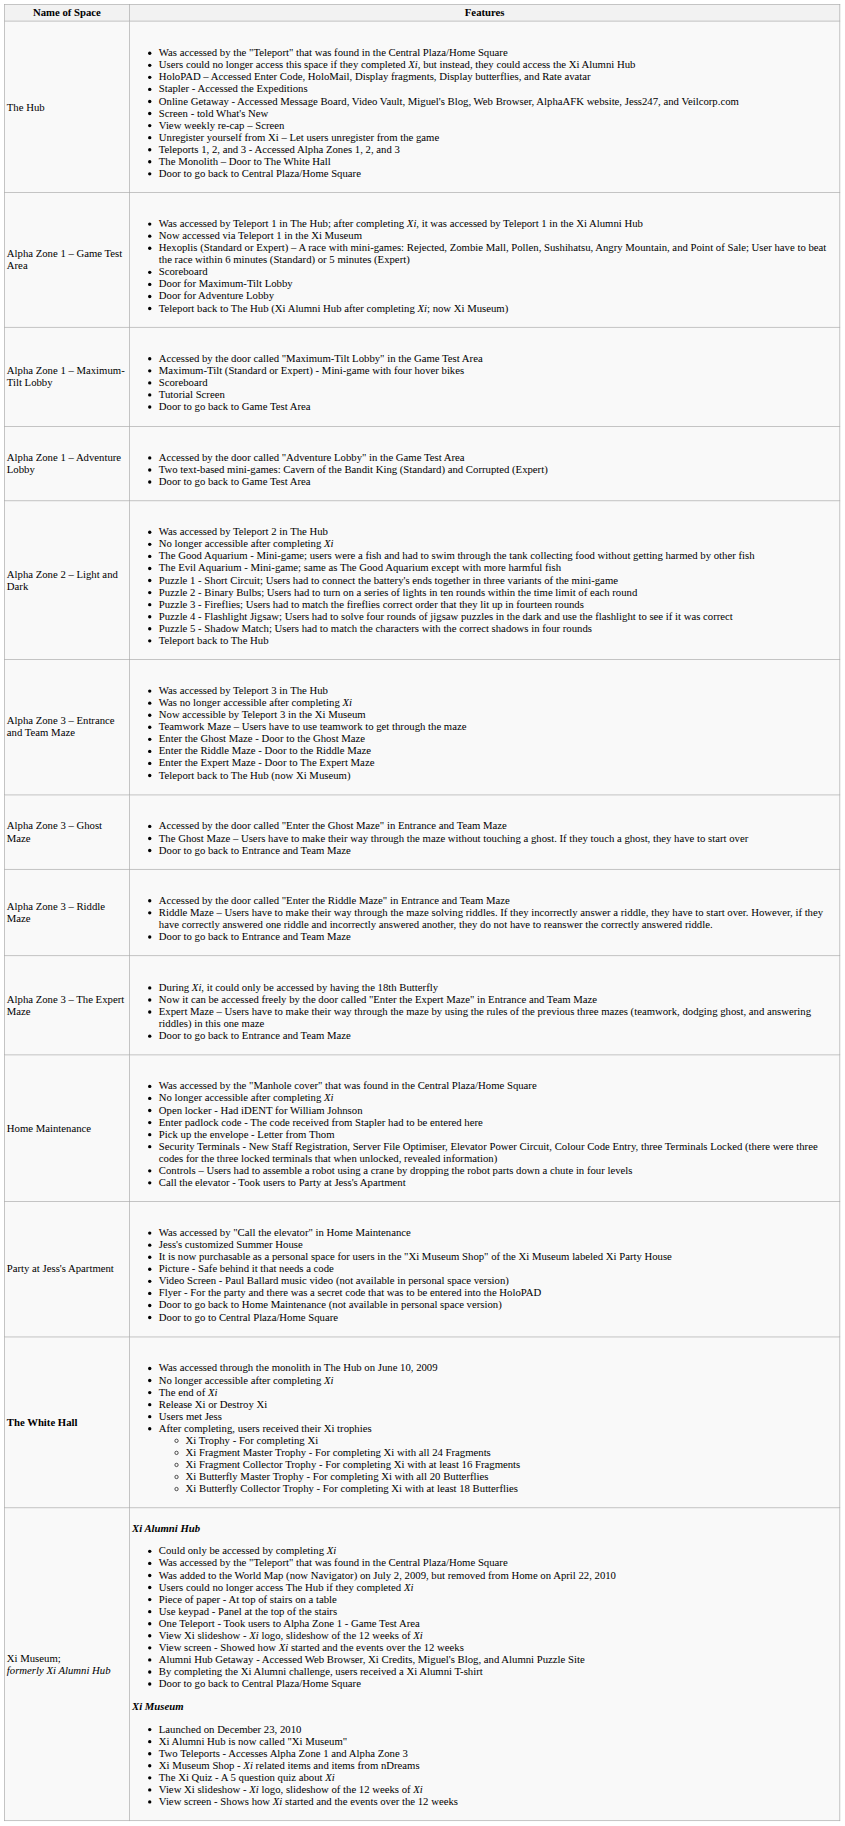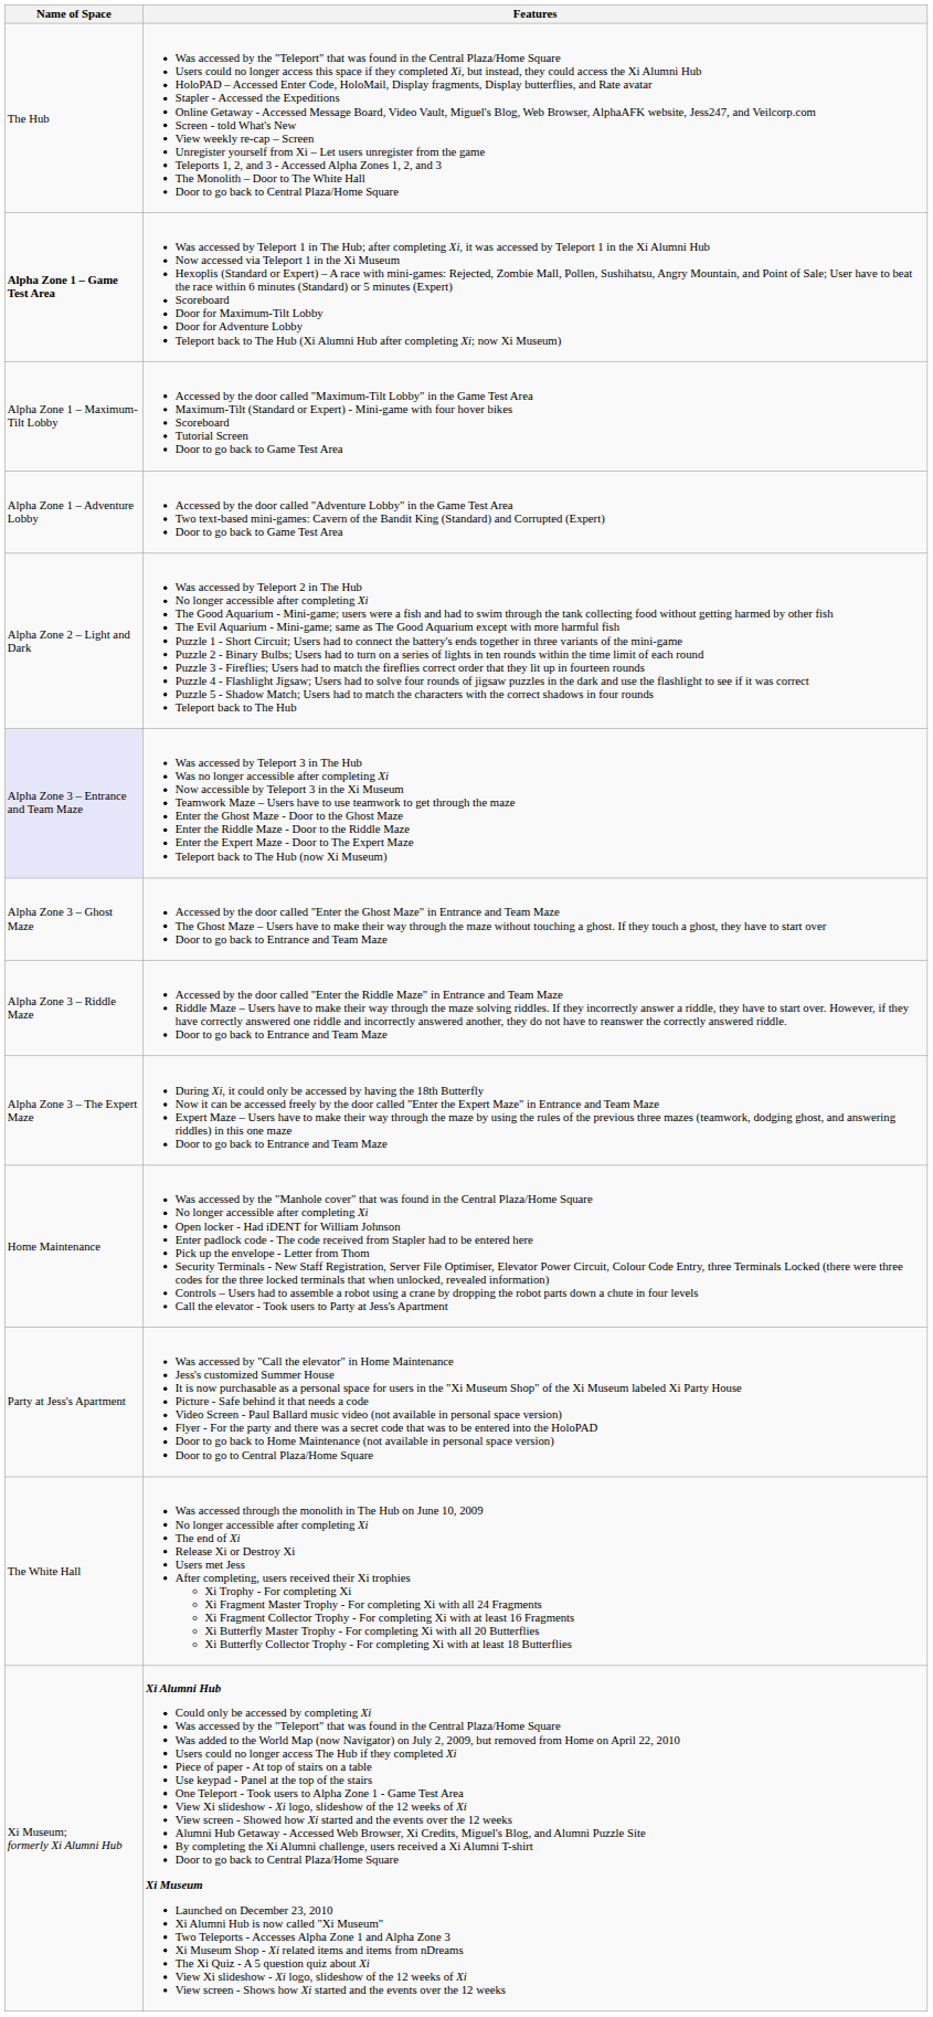 <table class="wikitable">
 <tr>
 <th>Name of Space</th>
 <th>Features</th>
 </tr>
 <tr>
 <td>The Hub</td>
 <td><br><ul><li>Was accessed by the "Teleport" that was found in the Central Plaza/Home Square</li><li>Users could no longer access this space if they completed <em>Xi</em>, but instead, they could access the Xi Alumni Hub</li><li>HoloPAD – Accessed Enter Code, HoloMail, Display fragments, Display butterflies, and Rate avatar</li><li>Stapler - Accessed the Expeditions</li><li>Online Getaway - Accessed Message Board, Video Vault, Miguel's Blog, Web Browser, AlphaAFK website, Jess247, and Veilcorp.com</li><li>Screen - told What's New</li><li>View weekly re-cap – Screen</li><li>Unregister yourself from Xi – Let users unregister from the game</li><li>Teleports 1, 2, and 3 - Accessed Alpha Zones 1, 2, and 3</li><li>The Monolith – Door to The White Hall</li><li>Door to go back to Central Plaza/Home Square</li></ul></td>
 </tr>
 <tr>
-<td>Alpha Zone 1 – Game Test Area</td>
+<td><strong>Alpha Zone 1 – Game Test Area</strong></td>
 <td><br><ul><li>Was accessed by Teleport 1 in The Hub; after completing <em>Xi</em>, it was accessed by Teleport 1 in the Xi Alumni Hub</li><li>Now accessed via Teleport 1 in the Xi Museum</li><li>Hexoplis (Standard or Expert) – A race with mini-games: Rejected, Zombie Mall, Pollen, Sushihatsu, Angry Mountain, and Point of Sale;  User have to beat the race within 6 minutes (Standard) or 5 minutes (Expert)</li><li>Scoreboard</li><li>Door for Maximum-Tilt Lobby</li><li>Door for Adventure Lobby</li><li>Teleport back to The Hub (Xi Alumni Hub after completing <em>Xi</em>; now Xi Museum)</li></ul></td>
 </tr>
 <tr>
 <td>Alpha Zone 1 – Maximum-Tilt Lobby</td>
 <td><br><ul><li>Accessed by the door called "Maximum-Tilt Lobby" in the Game Test Area</li><li>Maximum-Tilt (Standard or Expert) - Mini-game with four hover bikes</li><li>Scoreboard</li><li>Tutorial Screen</li><li>Door to go back to Game Test Area</li></ul></td>
 </tr>
 <tr>
 <td>Alpha Zone 1 – Adventure Lobby</td>
 <td><br><ul><li>Accessed by the door called "Adventure Lobby" in the Game Test Area</li><li>Two text-based mini-games: Cavern of the Bandit King (Standard) and Corrupted (Expert)</li><li>Door to go back to Game Test Area</li></ul></td>
 </tr>
 <tr>
 <td>Alpha Zone 2 – Light and Dark</td>
 <td><br><ul><li>Was accessed by Teleport 2 in The Hub</li><li>No longer accessible after completing <em>Xi</em></li><li>The Good Aquarium - Mini-game; users were a fish and had to swim through the tank collecting food without getting harmed by other fish</li><li>The Evil Aquarium - Mini-game; same as The Good Aquarium except with more harmful fish</li><li>Puzzle 1 - Short Circuit; Users had to connect the battery's ends together in three variants of the mini-game</li><li>Puzzle 2 - Binary Bulbs; Users had to turn on a series of lights in ten rounds within the time limit of each round</li><li>Puzzle 3 - Fireflies; Users had to match the fireflies correct order that they lit up in fourteen rounds</li><li>Puzzle 4 - Flashlight Jigsaw; Users had to solve four rounds of jigsaw puzzles in the dark and use the flashlight to see if it was correct</li><li>Puzzle 5 - Shadow Match; Users had to match the characters with the correct shadows in four rounds</li><li>Teleport back to The Hub</li></ul></td>
 </tr>
 <tr>
-<td>Alpha Zone 3 – Entrance and Team Maze</td>
+<td style="background: lavender;">Alpha Zone 3 – Entrance and Team Maze</td>
 <td><br><ul><li>Was accessed by Teleport 3 in The Hub</li><li>Was no longer accessible after completing <em>Xi</em></li><li>Now accessible by Teleport 3 in the Xi Museum</li><li>Teamwork Maze – Users have to use teamwork to get through the maze</li><li>Enter the Ghost Maze - Door to the Ghost Maze</li><li>Enter the Riddle Maze - Door to the Riddle Maze</li><li>Enter the Expert Maze - Door to The Expert Maze</li><li>Teleport back to The Hub (now Xi Museum)</li></ul></td>
 </tr>
 <tr>
 <td>Alpha Zone 3 – Ghost Maze</td>
 <td><br><ul><li>Accessed by the door called "Enter the Ghost Maze" in Entrance and Team Maze</li><li>The Ghost Maze – Users have to make their way through the maze without touching a ghost. If they touch a ghost, they have to start over</li><li>Door to go back to Entrance and Team Maze</li></ul></td>
 </tr>
 <tr>
 <td>Alpha Zone 3 – Riddle Maze</td>
 <td><br><ul><li>Accessed by the door called "Enter the Riddle Maze" in Entrance and Team Maze</li><li>Riddle Maze – Users have to make their way through the maze solving riddles. If they incorrectly answer a riddle, they have to start over. However, if they have correctly answered one riddle and incorrectly answered another, they do not have to reanswer the correctly answered riddle.</li><li>Door to go back to Entrance and Team Maze</li></ul></td>
 </tr>
 <tr>
 <td>Alpha Zone 3 – The Expert Maze</td>
 <td><br><ul><li>During <em>Xi</em>, it could only be accessed by having the 18th Butterfly</li><li>Now it can be accessed freely by the door called "Enter the Expert Maze" in Entrance and Team Maze</li><li>Expert Maze – Users have to make their way through the maze by using the rules of the previous three mazes (teamwork, dodging ghost, and answering riddles) in this one maze</li><li>Door to go back to Entrance and Team Maze</li></ul></td>
 </tr>
 <tr>
 <td>Home Maintenance</td>
 <td><br><ul><li>Was accessed by the "Manhole cover" that was found in the Central Plaza/Home Square</li><li>No longer accessible after completing <em>Xi</em></li><li>Open locker - Had iDENT for William Johnson</li><li>Enter padlock code - The code received from Stapler had to be entered here</li><li>Pick up the envelope - Letter from Thom</li><li>Security Terminals - New Staff Registration, Server File Optimiser, Elevator Power Circuit, Colour Code Entry, three Terminals Locked (there were three codes for the three locked terminals that when unlocked, revealed information)</li><li>Controls – Users had to assemble a robot using a crane by dropping the robot parts down a chute in four levels</li><li>Call the elevator - Took users to Party at Jess's Apartment</li></ul></td>
 </tr>
 <tr>
 <td>Party at Jess's Apartment</td>
 <td><br><ul><li>Was accessed by "Call the elevator" in Home Maintenance</li><li>Jess's customized Summer House</li><li>It is now purchasable as a personal space for users in the "Xi Museum Shop" of the Xi Museum labeled Xi Party House</li><li>Picture - Safe behind it that needs a code</li><li>Video Screen - Paul Ballard music video (not available in personal space version)</li><li>Flyer - For the party and there was a secret code that was to be entered into the HoloPAD</li><li>Door to go back to Home Maintenance (not available in personal space version)</li><li>Door to go to Central Plaza/Home Square</li></ul></td>
 </tr>
 <tr>
-<td><strong>The White Hall</strong></td>
+<td>The White Hall</td>
 <td><br><ul><li>Was accessed through the monolith in The Hub on June 10, 2009</li><li>No longer accessible after completing <em>Xi</em></li><li>The end of <em>Xi</em></li><li>Release Xi or Destroy Xi</li><li>Users met Jess</li><li>After completing, users received their Xi trophies<ul><li>Xi Trophy - For completing Xi</li><li>Xi Fragment Master Trophy - For completing Xi with all 24 Fragments</li><li>Xi Fragment Collector Trophy - For completing Xi with at least 16 Fragments</li><li>Xi Butterfly Master Trophy - For completing Xi with all 20 Butterflies</li><li>Xi Butterfly Collector Trophy - For completing Xi with at least 18 Butterflies</li></ul></li></ul></td>
 </tr>
 <tr>
 <td>Xi Museum;<br><em>formerly Xi Alumni Hub</em></td>
 <td><br><strong><em>Xi Alumni Hub</em></strong><ul><li>Could only be accessed by completing <em>Xi</em></li><li>Was accessed by the "Teleport" that was found in the Central Plaza/Home Square</li><li>Was added to the World Map (now Navigator) on July 2, 2009, but removed from Home on April 22, 2010</li><li>Users could no longer access The Hub if they completed <em>Xi</em></li><li>Piece of paper - At top of stairs on a table</li><li>Use keypad - Panel at the top of the stairs</li><li>One Teleport - Took users to Alpha Zone 1 - Game Test Area</li><li>View Xi slideshow - <em>Xi</em> logo, slideshow of the 12 weeks of <em>Xi</em></li><li>View screen - Showed how <em>Xi</em> started and the events over the 12 weeks</li><li>Alumni Hub Getaway - Accessed Web Browser, Xi Credits, Miguel's Blog, and Alumni Puzzle Site</li><li>By completing the Xi Alumni challenge, users received a Xi Alumni T-shirt</li><li>Door to go back to Central Plaza/Home Square</li></ul><strong><em>Xi Museum</em></strong><ul><li>Launched on December 23, 2010</li><li>Xi Alumni Hub is now called "Xi Museum"</li><li>Two Teleports - Accesses Alpha Zone 1 and Alpha Zone 3</li><li>Xi Museum Shop - <em>Xi</em> related items and items from nDreams</li><li>The Xi Quiz - A 5 question quiz about <em>Xi</em></li><li>View Xi slideshow - <em>Xi</em> logo, slideshow of the 12 weeks of <em>Xi</em></li><li>View screen - Shows how <em>Xi</em> started and the events over the 12 weeks</li></ul></td>
 </tr>
 </table>
